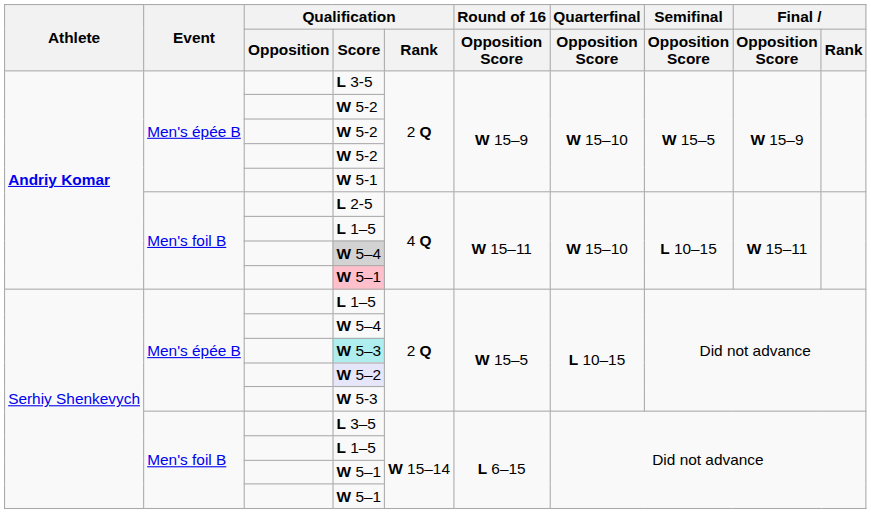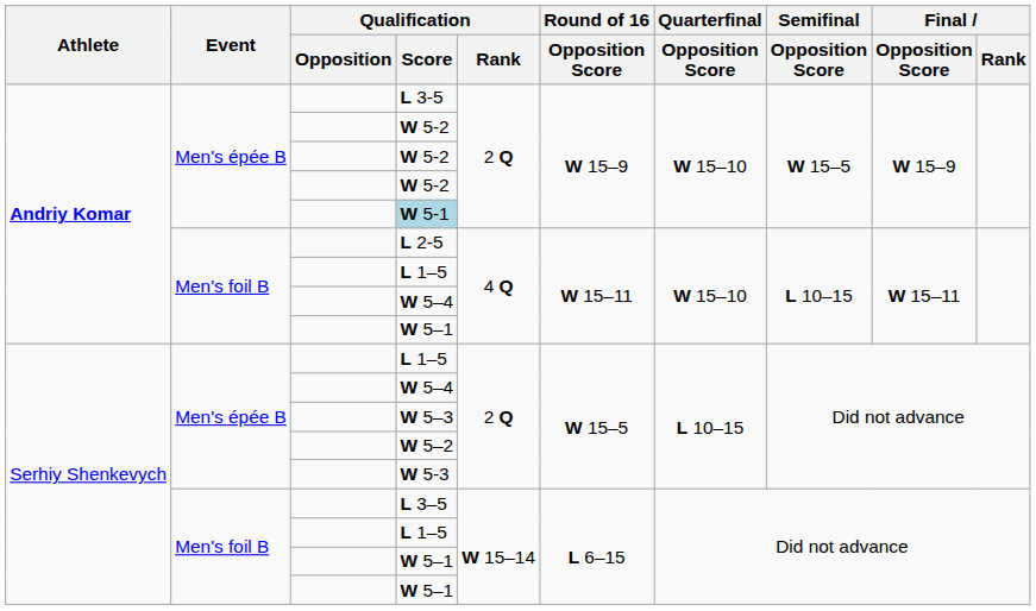 <table class=wikitable style="font-size:90%">
 <tr>
 <th rowspan="2">Athlete</th>
 <th rowspan="2">Event</th>
 <th colspan="3">Qualification</th>
 <th>Round of 16</th>
 <th>Quarterfinal</th>
 <th>Semifinal</th>
 <th colspan="2">Final / </th>
 </tr>
 <tr>
 <th>Opposition</th>
 <th>Score</th>
 <th>Rank</th>
 <th>Opposition<br>Score</th>
 <th>Opposition<br>Score</th>
 <th>Opposition<br>Score</th>
 <th>Opposition<br>Score</th>
 <th>Rank</th>
 </tr>
 <tr>
 <td rowspan=9><strong><a href='#'>Andriy Komar</a></strong></td>
 <td rowspan=5><a href='#'>Men's épée B</a></td>
 <td></td>
 <td><strong>L</strong> 3-5</td>
 <td align="center" rowspan=5>2 <strong>Q</strong></td>
 <td align="center" rowspan=5><br><strong>W</strong> 15–9</td>
 <td align="center" rowspan=5><br><strong>W</strong> 15–10</td>
 <td align="center" rowspan=5><br><strong>W</strong> 15–5</td>
 <td align="center" rowspan=5><br><strong>W</strong> 15–9</td>
 <td align="center" rowspan=5></td>
 </tr>
 <tr>
 <td></td>
 <td><strong>W</strong> 5-2</td>
 </tr>
 <tr>
 <td></td>
 <td><strong>W</strong> 5-2</td>
 </tr>
 <tr>
 <td></td>
 <td><strong>W</strong> 5-2</td>
 </tr>
 <tr>
 <td></td>
-<td><strong>W</strong> 5-1</td>
+<td style="background: lightblue;"><strong>W</strong> 5-1</td>
 </tr>
 <tr>
 <td rowspan=4><a href='#'>Men's foil B</a></td>
 <td></td>
 <td><strong>L</strong> 2-5</td>
 <td align="center" rowspan=4>4 <strong>Q</strong></td>
 <td align="center" rowspan=4><br><strong>W</strong> 15–11</td>
 <td align="center" rowspan=4><br><strong>W</strong> 15–10</td>
 <td align="center" rowspan=4><br><strong>L</strong> 10–15</td>
 <td align="center" rowspan=4><br><strong>W</strong> 15–11</td>
 <td align="center" rowspan=4></td>
 </tr>
 <tr>
 <td></td>
 <td><strong>L</strong> 1–5</td>
 </tr>
 <tr>
 <td></td>
-<td style="background: lightgrey;"><strong>W</strong> 5–4</td>
+<td><strong>W</strong> 5–4</td>
 </tr>
 <tr>
 <td></td>
-<td style="background: pink;"><strong>W</strong> 5–1</td>
+<td><strong>W</strong> 5–1</td>
 </tr>
 <tr>
 <td rowspan=9><a href='#'>Serhiy Shenkevych</a></td>
 <td rowspan=5><a href='#'>Men's épée B</a></td>
 <td></td>
 <td><strong>L</strong> 1–5</td>
 <td align="center" rowspan=5>2 <strong>Q</strong></td>
 <td align="center" rowspan=5><br><strong>W</strong> 15–5</td>
 <td align="center" rowspan=5><br><strong>L</strong> 10–15</td>
 <td align="center" rowspan=5 colspan=3>Did not advance</td>
 </tr>
 <tr>
 <td></td>
 <td><strong>W</strong> 5–4</td>
 </tr>
 <tr>
 <td></td>
-<td style="background: paleturquoise;"><strong>W</strong> 5–3</td>
+<td><strong>W</strong> 5–3</td>
 </tr>
 <tr>
 <td></td>
-<td style="background: lavender;"><strong>W</strong> 5–2</td>
+<td><strong>W</strong> 5–2</td>
 </tr>
 <tr>
 <td></td>
 <td><strong>W</strong> 5-3</td>
 </tr>
 <tr>
 <td rowspan=4><a href='#'>Men's foil B</a></td>
 <td></td>
 <td><strong>L</strong> 3–5</td>
 <td align="center" rowspan=4><br><strong>W</strong> 15–14</td>
 <td align="center" rowspan=4><br><strong>L</strong> 6–15</td>
 <td align="center" rowspan=4 colspan=4>Did not advance</td>
 </tr>
 <tr>
 <td></td>
 <td><strong>L</strong> 1–5</td>
 </tr>
 <tr>
 <td></td>
 <td><strong>W</strong> 5–1</td>
 </tr>
 <tr>
 <td></td>
 <td><strong>W</strong> 5–1</td>
 </tr>
 </table>
